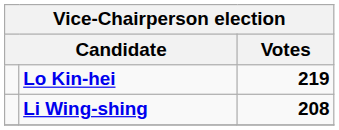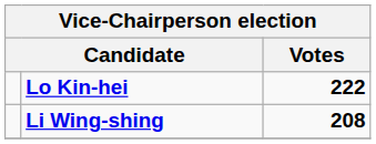 <table class="wikitable" style="text-align:right; width:280px">
 <tr>
 <th colspan=3>Vice-Chairperson election</th>
 </tr>
 <tr>
 <th colspan=2>Candidate</th>
 <th>Votes</th>
 </tr>
 <tr>
 <td></td>
 <td align=left><strong><a href='#'>Lo Kin-hei</a></strong></td>
-<td><strong>219</strong></td>
+<td><strong>222</strong></td>
 </tr>
 <tr>
 <td></td>
 <td align=left><strong><a href='#'>Li Wing-shing</a></strong></td>
 <td><strong>208</strong></td>
 </tr>
 <tr>
 </tr>
 </table>
